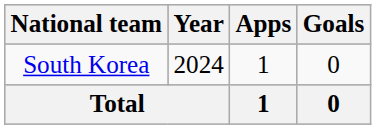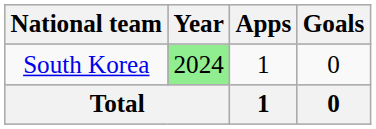 <table class="wikitable" style="text-align:center">
 <tr>
 <th>National team</th>
 <th>Year</th>
 <th>Apps</th>
 <th>Goals</th>
 </tr>
 <tr>
 <td><a href='#'>South Korea</a></td>
-<td>2024</td>
+<td style="background: lightgreen;">2024</td>
 <td>1</td>
 <td>0</td>
 </tr>
 <tr>
 <th colspan="2">Total</th>
 <th>1</th>
 <th>0</th>
 </tr>
 </table>
